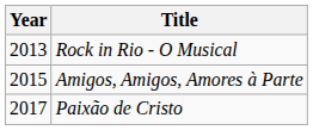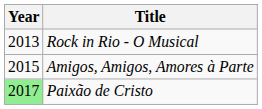 <table class="wikitable">
 <tr>
 <th>Year</th>
 <th>Title</th>
 </tr>
 <tr>
 <td>2013</td>
 <td><em>Rock in Rio - O Musical</em></td>
 </tr>
 <tr>
 <td>2015</td>
 <td><em>Amigos, Amigos, Amores à Parte</em></td>
 </tr>
 <tr>
-<td>2017</td>
+<td style="background: lightgreen;">2017</td>
 <td><em>Paixão de Cristo</em></td>
 </tr>
 </table>
